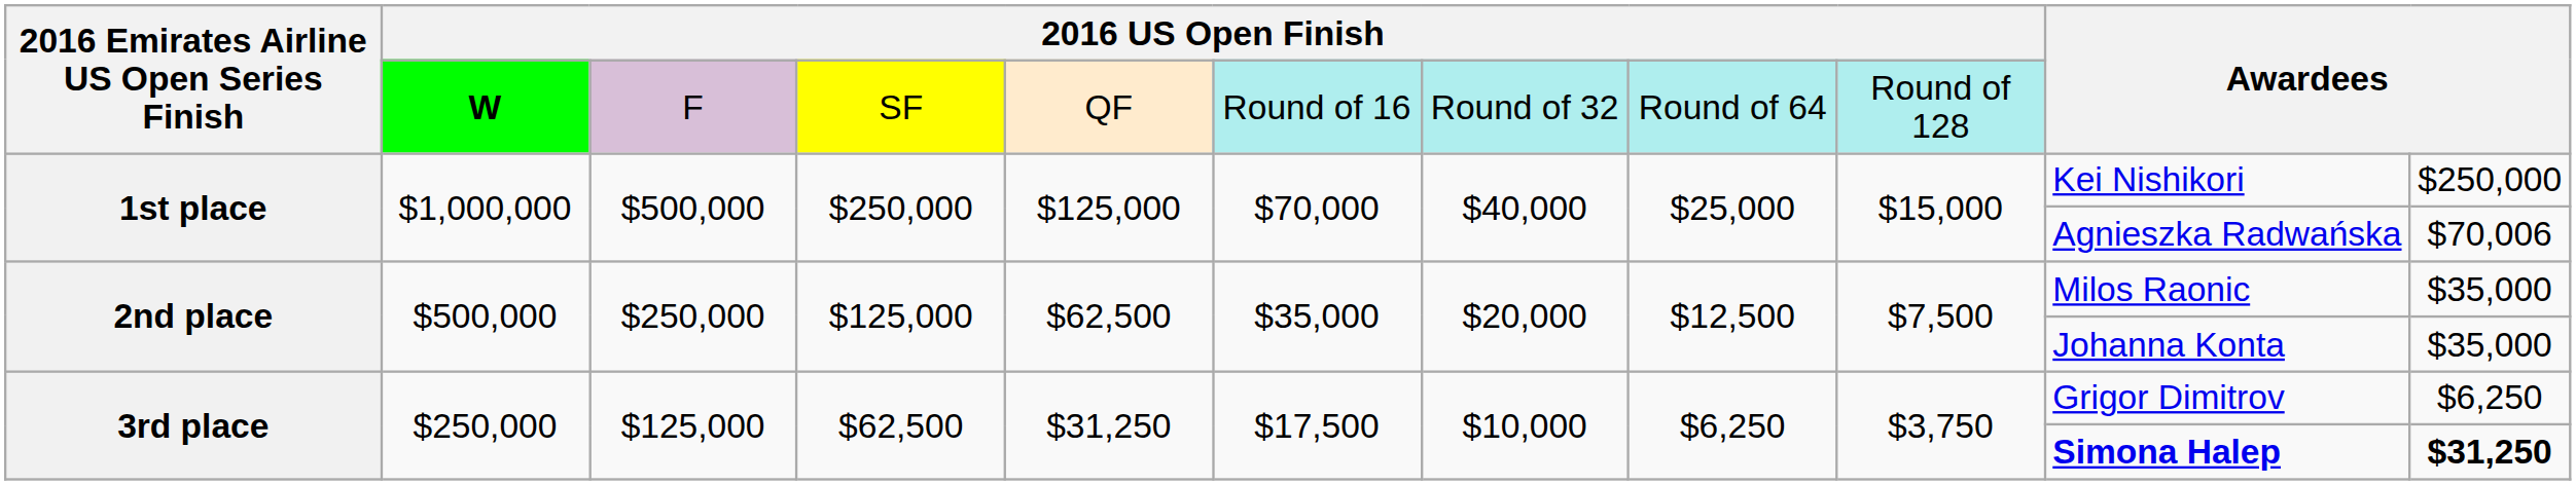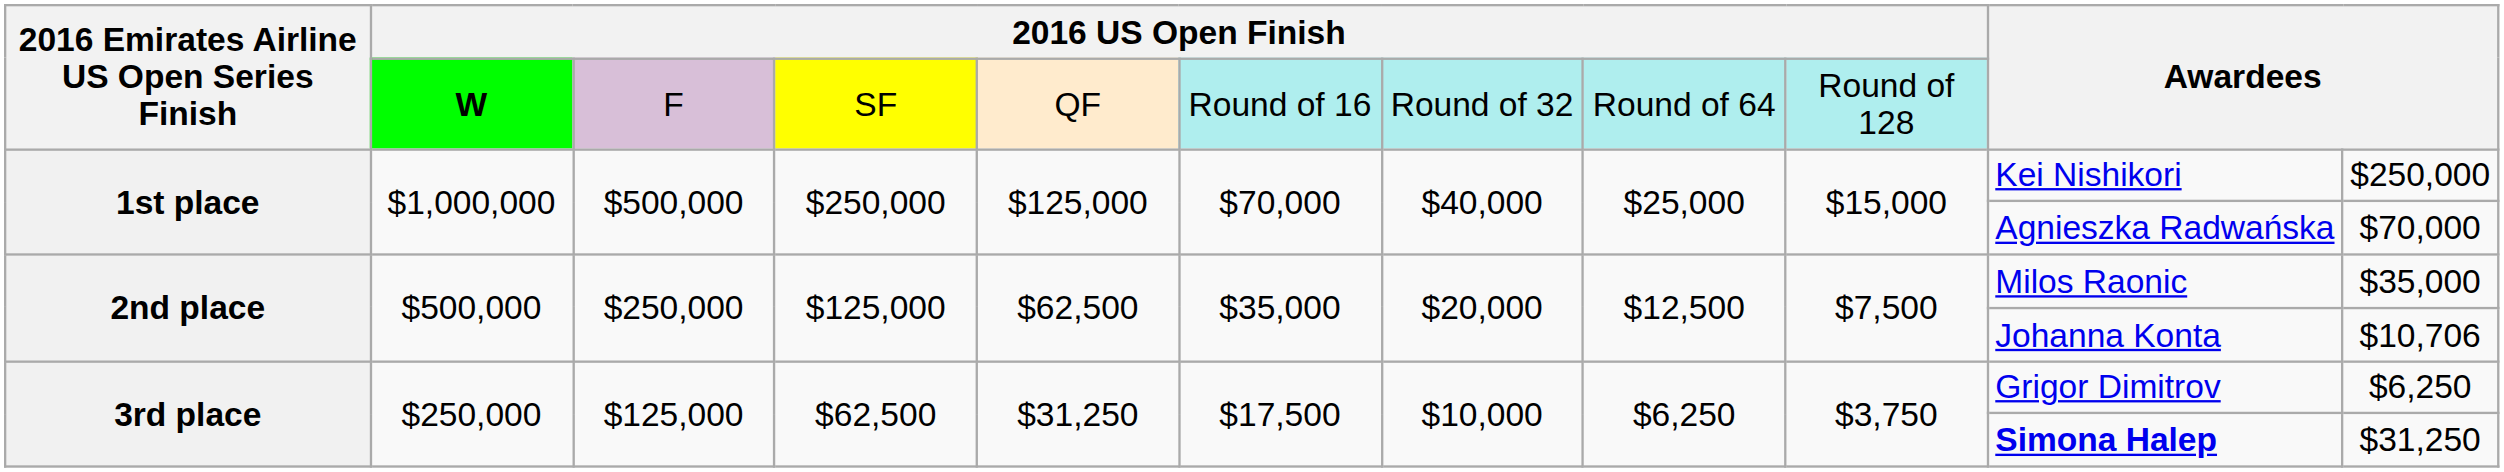 <table class=wikitable style=font-size:90%;text-align:center>
 <tr>
 <th rowspan=2>2016 Emirates Airline US Open Series Finish</th>
 <th colspan=8>2016 US Open Finish</th>
 <th rowspan=2 colspan=2>Awardees</th>
 </tr>
 <tr>
 <td style="width:80px; background:lime;"><strong>W</strong></td>
 <td style="width:80px; background:thistle;">F</td>
 <td style="width:80px; background:#ff0;">SF</td>
 <td style="width:80px; background:#ffebcd;">QF</td>
 <td style="width:80px; background:#afeeee;">Round of 16</td>
 <td style="width:80px; background:#afeeee;">Round of 32</td>
 <td style="width:80px; background:#afeeee;">Round of 64</td>
 <td style="width:80px; background:#afeeee;">Round of 128</td>
 </tr>
 <tr>
 <th width=120 rowspan=2 style="background:#f1f1f1;">1st place</th>
 <td rowspan=2>$1,000,000</td>
 <td rowspan=2>$500,000</td>
 <td rowspan=2>$250,000</td>
 <td rowspan=2>$125,000</td>
 <td rowspan=2>$70,000</td>
 <td rowspan=2>$40,000</td>
 <td rowspan=2>$25,000</td>
 <td rowspan=2>$15,000</td>
 <td align=left> <a href='#'>Kei Nishikori</a></td>
 <td>$250,000</td>
 </tr>
 <tr>
 <td align=left> <a href='#'>Agnieszka Radwańska</a></td>
-<td>$70,006</td>
+<td>$70,000</td>
 </tr>
 <tr>
 <th width=150 rowspan=2 style="background:#f1f1f1;">2nd place</th>
 <td rowspan=2>$500,000</td>
 <td rowspan=2>$250,000</td>
 <td rowspan=2>$125,000</td>
 <td rowspan=2>$62,500</td>
 <td rowspan=2>$35,000</td>
 <td rowspan=2>$20,000</td>
 <td rowspan=2>$12,500</td>
 <td rowspan=2>$7,500</td>
 <td align=left> <a href='#'>Milos Raonic</a></td>
 <td>$35,000</td>
 </tr>
 <tr>
 <td align=left> <a href='#'>Johanna Konta</a></td>
-<td>$35,000</td>
+<td>$10,706</td>
 </tr>
 <tr>
 <th width=120 rowspan=2 style="background:#f1f1f1;">3rd place</th>
 <td rowspan=2>$250,000</td>
 <td rowspan=2>$125,000</td>
 <td rowspan=2>$62,500</td>
 <td rowspan=2>$31,250</td>
 <td rowspan=2>$17,500</td>
 <td rowspan=2>$10,000</td>
 <td rowspan=2>$6,250</td>
 <td rowspan=2>$3,750</td>
 <td align=left> <a href='#'>Grigor Dimitrov</a></td>
 <td>$6,250</td>
 </tr>
 <tr>
 <td align=left><strong> <a href='#'>Simona Halep</a></strong></td>
-<td><strong>$31,250</strong></td>
+<td>$31,250</td>
 </tr>
 </table>
